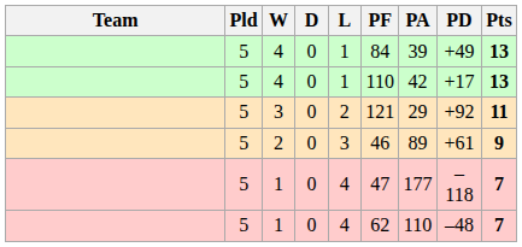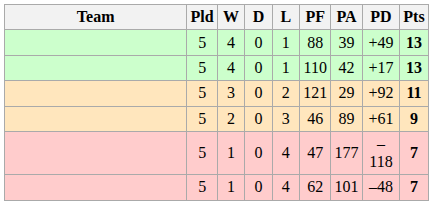 <table class="wikitable" style="text-align:center;">
 <tr>
 <th width=175>Team</th>
 <th width=20 abbr="Played">Pld</th>
 <th width=20 abbr="Won">W</th>
 <th width=20 abbr="Drawn">D</th>
 <th width=20 abbr="Lost">L</th>
 <th width=20 abbr="Points for">PF</th>
 <th width=20 abbr="Points against">PA</th>
 <th width=30 abbr="Points difference">PD</th>
 <th width=20 abbr="Points">Pts</th>
 </tr>
 <tr style="background:#ccffcc">
 <td align=left></td>
 <td>5</td>
 <td>4</td>
 <td>0</td>
 <td>1</td>
-<td>84</td>
+<td>88</td>
 <td>39</td>
 <td>+49</td>
 <td><strong>13</strong></td>
 </tr>
 <tr style="background:#ccffcc">
 <td align=left></td>
 <td>5</td>
 <td>4</td>
 <td>0</td>
 <td>1</td>
 <td>110</td>
 <td>42</td>
 <td>+17</td>
 <td><strong>13</strong></td>
 </tr>
 <tr style="background:#ffe6bd">
 <td align=left></td>
 <td>5</td>
 <td>3</td>
 <td>0</td>
 <td>2</td>
 <td>121</td>
 <td>29</td>
 <td>+92</td>
 <td><strong>11</strong></td>
 </tr>
 <tr style="background:#ffe6bd">
 <td align=left></td>
 <td>5</td>
 <td>2</td>
 <td>0</td>
 <td>3</td>
 <td>46</td>
 <td>89</td>
 <td>+61</td>
 <td><strong>9</strong></td>
 </tr>
 <tr style="background:#fcc">
 <td align=left></td>
 <td>5</td>
 <td>1</td>
 <td>0</td>
 <td>4</td>
 <td>47</td>
 <td>177</td>
 <td>–118</td>
 <td><strong>7</strong></td>
 </tr>
 <tr style="background:#fcc">
 <td align=left></td>
 <td>5</td>
 <td>1</td>
 <td>0</td>
 <td>4</td>
 <td>62</td>
-<td>110</td>
+<td>101</td>
 <td>–48</td>
 <td><strong>7</strong></td>
 </tr>
 </table>
